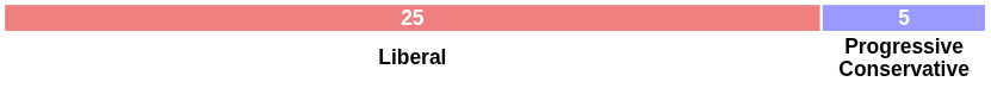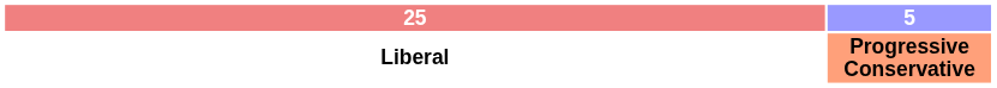 <table style="width:60%; text-align:center;">
 <tr style="color:white;">
 <td style="background:#F08080; width:83.33%;"><strong>25</strong></td>
 <td style="background:#9999FF; width:16.67%;"><strong>5</strong></td>
 </tr>
 <tr>
 <td><span><strong>Liberal</strong></span></td>
-<td><span><strong>Progressive Conservative</strong></span></td>
+<td style="background: lightsalmon;"><span><strong>Progressive Conservative</strong></span></td>
 </tr>
 </table>
